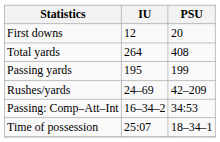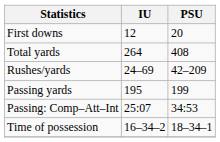 <table class="wikitable" style="float: left;">
 <tr>
 <th>Statistics</th>
 <th>IU</th>
 <th>PSU</th>
 </tr>
 <tr>
 <td>First downs</td>
 <td>12</td>
 <td>20</td>
 </tr>
 <tr>
 <td>Total yards</td>
 <td>264</td>
 <td>408</td>
 </tr>
 <tr>
+<td>Rushes/yards</td>
+<td>24–69</td>
+<td>42–209</td>
+</tr>
+<tr>
 <td>Passing yards</td>
 <td>195</td>
 <td>199</td>
 </tr>
 <tr>
-<td>Rushes/yards</td>
-<td>24–69</td>
-<td>42–209</td>
-</tr>
-<tr>
 <td>Passing: Comp–Att–Int</td>
-<td>16–34–2</td>
+<td>25:07</td>
 <td>34:53</td>
 </tr>
 <tr>
 <td>Time of possession</td>
-<td>25:07</td>
+<td>16–34–2</td>
 <td>18–34–1</td>
 </tr>
 <tr>
 </tr>
 </table>
